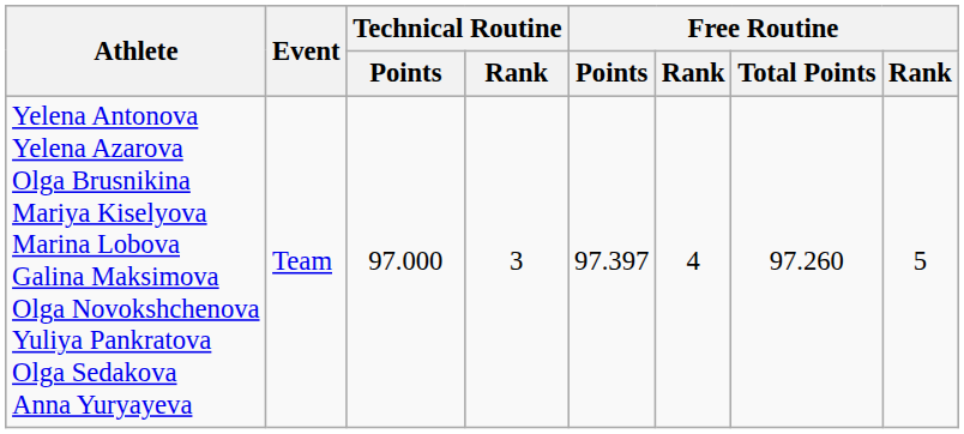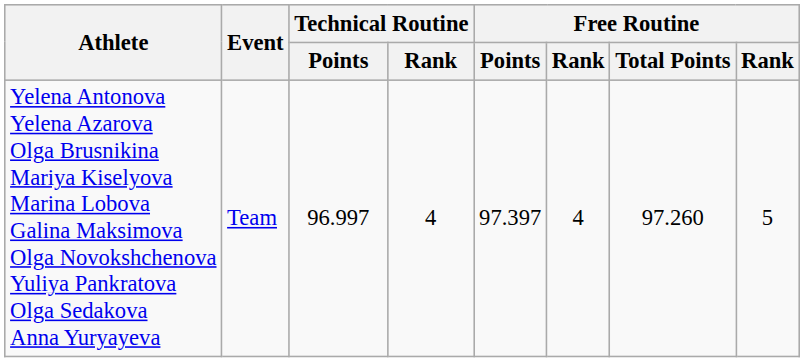 <table class=wikitable style="font-size:90%">
 <tr>
 <th rowspan="2">Athlete</th>
 <th rowspan="2">Event</th>
 <th colspan="2">Technical Routine</th>
 <th colspan="4">Free Routine</th>
 </tr>
 <tr>
 <th>Points</th>
 <th>Rank</th>
 <th>Points</th>
 <th>Rank</th>
 <th>Total Points</th>
 <th>Rank</th>
 </tr>
 <tr>
 <td><a href='#'>Yelena Antonova</a><br><a href='#'>Yelena Azarova</a><br><a href='#'>Olga Brusnikina</a><br><a href='#'>Mariya Kiselyova</a><br><a href='#'>Marina Lobova</a><br><a href='#'>Galina Maksimova</a><br><a href='#'>Olga Novokshchenova</a><br><a href='#'>Yuliya Pankratova</a><br><a href='#'>Olga Sedakova</a><br><a href='#'>Anna Yuryayeva</a></td>
 <td><a href='#'>Team</a></td>
-<td align=center>97.000</td>
-<td align=center>3</td>
+<td align=center>96.997</td>
+<td align=center>4</td>
 <td align=center>97.397</td>
 <td align=center>4</td>
 <td align=center>97.260</td>
 <td align=center>5</td>
 </tr>
 </table>
